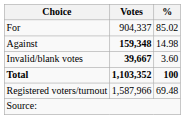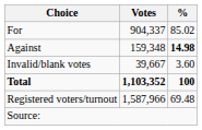 <table class=wikitable style=text-align:right>
 <tr>
 <th>Choice</th>
 <th>Votes</th>
 <th>%</th>
 </tr>
 <tr>
 <td align=left>For</td>
 <td>904,337</td>
 <td>85.02</td>
 </tr>
 <tr>
 <td align=left>Against</td>
-<td><strong>159,348</strong></td>
-<td>14.98</td>
+<td>159,348</td>
+<td><strong>14.98</strong></td>
 </tr>
 <tr>
 <td align=left>Invalid/blank votes</td>
-<td><strong>39,667</strong></td>
+<td>39,667</td>
 <td>3.60</td>
 </tr>
 <tr>
 <td align=left><strong>Total</strong></td>
 <td><strong>1,103,352</strong></td>
 <td><strong>100</strong></td>
 </tr>
 <tr>
 <td align=left>Registered voters/turnout</td>
 <td>1,587,966</td>
 <td>69.48</td>
 </tr>
 <tr>
 <td colspan=3 align=left>Source: </td>
 </tr>
 </table>
